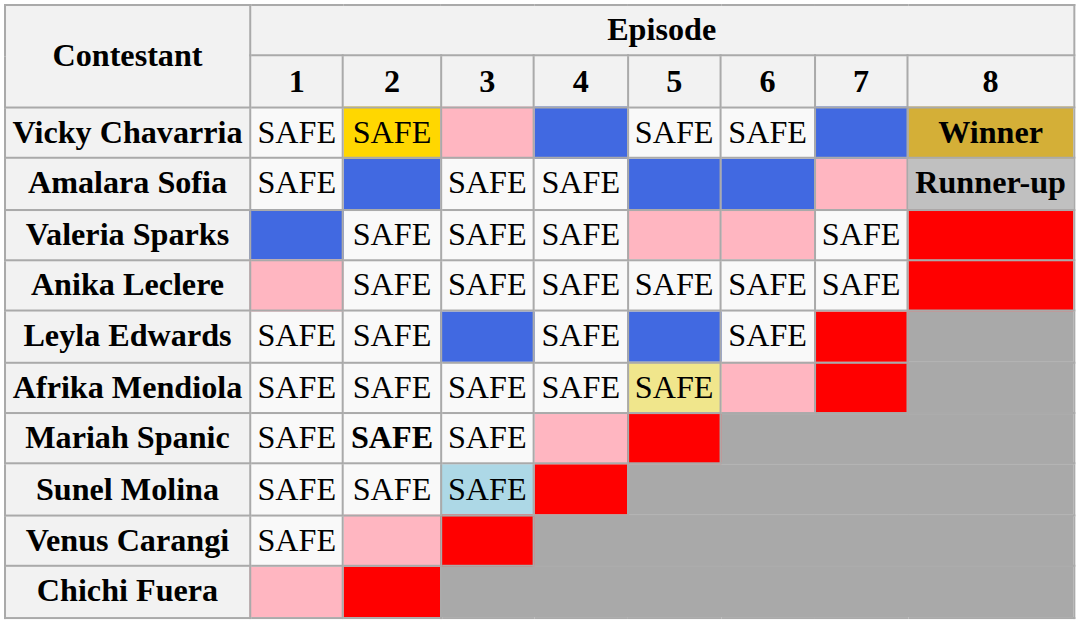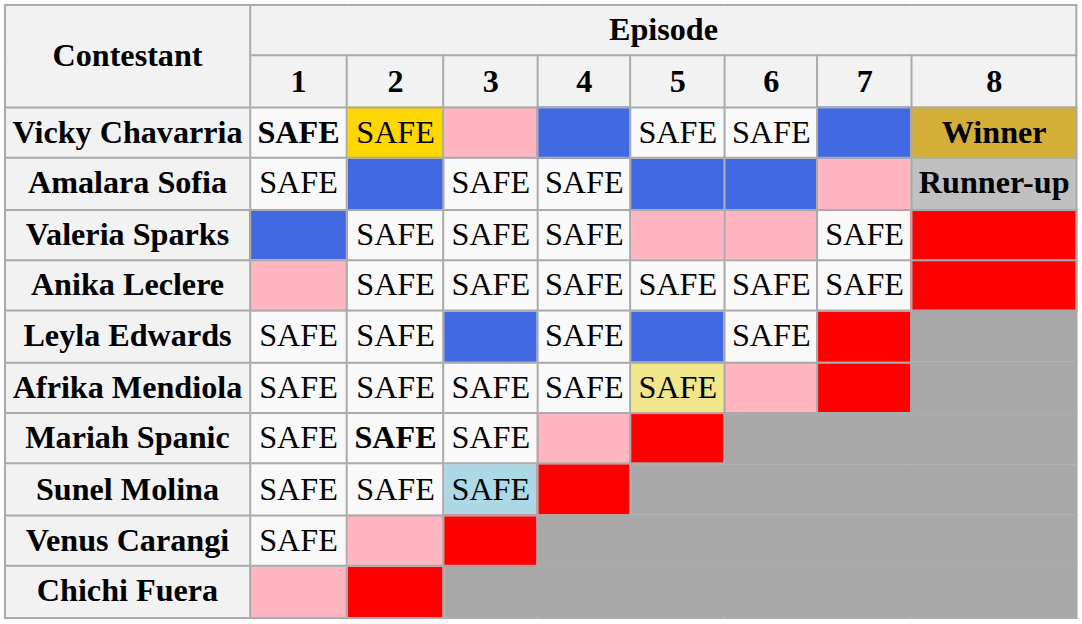 <table class="wikitable plainrowheaders" style="text-align: center;">
 <tr>
 <th rowspan="2" scope="col">Contestant</th>
 <th colspan="8" scope="col">Episode</th>
 </tr>
 <tr>
 <th scope="col">1</th>
 <th scope="col">2</th>
 <th scope="col">3</th>
 <th scope="col">4</th>
 <th scope="col">5</th>
 <th scope="col">6</th>
 <th scope="col">7</th>
 <th scope="col">8</th>
 </tr>
 <tr>
 <th scope="row" style="text-align:center">Vicky Chavarria</th>
-<td>SAFE</td>
+<td><strong>SAFE</strong></td>
 <td style="background: gold;">SAFE</td>
 <td bgcolor="lightpink"></td>
 <td bgcolor="royalblue"><strong></strong></td>
 <td>SAFE</td>
 <td>SAFE</td>
 <td bgcolor="royalblue"><strong></strong></td>
 <td bgcolor="D4AF37"><strong>Winner</strong></td>
 </tr>
 <tr>
 <th scope="row" style="text-align:center">Amalara Sofia</th>
 <td>SAFE</td>
 <td bgcolor="royalblue"><strong></strong></td>
 <td>SAFE</td>
 <td>SAFE</td>
 <td bgcolor="royalblue"><strong></strong></td>
 <td bgcolor="royalblue"><strong></strong></td>
 <td bgcolor="lightpink"></td>
 <td bgcolor="silver"><strong>Runner-up</strong></td>
 </tr>
 <tr>
 <th scope="row" style="text-align:center">Valeria Sparks</th>
 <td bgcolor="royalblue"><strong></strong></td>
 <td>SAFE</td>
 <td>SAFE</td>
 <td>SAFE</td>
 <td bgcolor="lightpink"></td>
 <td bgcolor="lightpink"></td>
 <td>SAFE</td>
 <td bgcolor="red"></td>
 </tr>
 <tr>
 <th scope="row" style="text-align:center">Anika Leclere</th>
 <td bgcolor="lightpink"></td>
 <td>SAFE</td>
 <td>SAFE</td>
 <td>SAFE</td>
 <td>SAFE</td>
 <td>SAFE</td>
 <td>SAFE</td>
 <td bgcolor="red"></td>
 </tr>
 <tr>
 <th scope="row" style="text-align:center">Leyla Edwards</th>
 <td>SAFE</td>
 <td>SAFE</td>
 <td bgcolor="royalblue"><strong></strong></td>
 <td>SAFE</td>
 <td bgcolor="royalblue"><strong></strong></td>
 <td>SAFE</td>
 <td bgcolor="red"></td>
 <td bgcolor="darkgray"></td>
 </tr>
 <tr>
 <th scope="row" style="text-align:center">Afrika Mendiola</th>
 <td>SAFE</td>
 <td>SAFE</td>
 <td>SAFE</td>
 <td>SAFE</td>
 <td style="background: khaki;">SAFE</td>
 <td bgcolor="lightpink"></td>
 <td bgcolor="red"></td>
 <td bgcolor="darkgray"></td>
 </tr>
 <tr>
 <th scope="row" style="text-align:center">Mariah Spanic</th>
 <td>SAFE</td>
 <td><strong>SAFE</strong></td>
 <td>SAFE</td>
 <td bgcolor="lightpink"></td>
 <td bgcolor="red"></td>
 <td colspan="4" bgcolor="darkgray"></td>
 </tr>
 <tr>
 <th scope="row" style="text-align:center">Sunel Molina</th>
 <td>SAFE</td>
 <td>SAFE</td>
 <td style="background: lightblue;">SAFE</td>
 <td bgcolor="red"></td>
 <td colspan="6" bgcolor="darkgray"></td>
 </tr>
 <tr>
 <th scope="row" style="text-align:center">Venus Carangi</th>
 <td>SAFE</td>
 <td bgcolor="lightpink"></td>
 <td bgcolor="red"></td>
 <td colspan="7" bgcolor="darkgray"></td>
 </tr>
 <tr>
 <th scope="row" style="text-align:center">Chichi Fuera</th>
 <td bgcolor="lightpink"></td>
 <td bgcolor="red"></td>
 <td colspan="8" bgcolor="darkgray"></td>
 </tr>
 </table>
